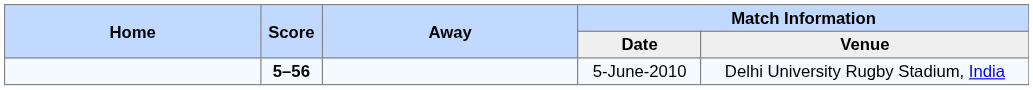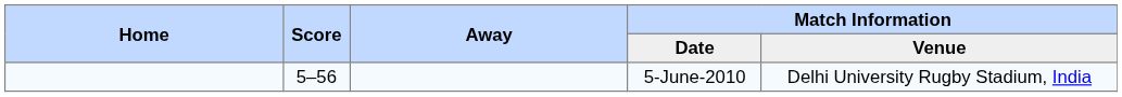 <table border=1 style="border-collapse:collapse; font-size:90%; text-align:center;" cellpadding=3 cellspacing=0 width=100%>
 <tr bgcolor=#C1D8FF>
 <th rowspan=2 width=25%>Home</th>
 <th rowspan=2 width=6%>Score</th>
 <th rowspan=2 width=25%>Away</th>
 <th colspan=6>Match Information</th>
 </tr>
 <tr bgcolor=#EFEFEF>
 <th width=12%>Date</th>
 <th width=32%>Venue</th>
 </tr>
 <tr bgcolor=#F5FAFF>
 <td align=right></td>
-<td><strong>5–56</strong></td>
+<td>5–56</td>
 <td align=left><strong></strong></td>
 <td>5-June-2010</td>
 <td>Delhi University Rugby Stadium, <a href='#'>India</a></td>
 </tr>
 </table>
